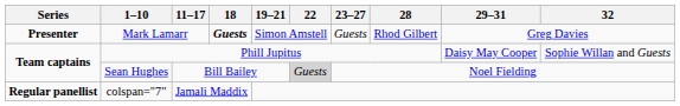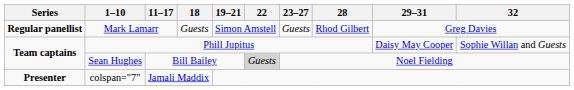 <table class="wikitable" style="text-align: center; width:100%;">
 <tr>
 <th>Series <br> </th>
 <th>1–10 <br> </th>
 <th>11–17 <br> </th>
 <th>18 <br> </th>
 <th>19–21 <br> </th>
 <th>22 <br> </th>
 <th>23–27 <br> </th>
 <th>28 <br> </th>
 <th>29–31 <br> </th>
 <th>32 <br> </th>
 </tr>
 <tr>
-<td><strong>Presenter</strong></td>
+<td><strong>Regular panellist</strong></td>
 <td colspan="2"><a href='#'>Mark Lamarr</a></td>
-<td><strong><em>Guests</em></strong></td>
+<td><em>Guests</em></td>
 <td colspan="2"><a href='#'>Simon Amstell</a></td>
 <td><em>Guests</em></td>
 <td><a href='#'>Rhod Gilbert</a></td>
 <td colspan="2"><a href='#'>Greg Davies</a></td>
 </tr>
 <tr>
 <td rowspan="2"><strong>Team captains</strong></td>
 <td colspan="7"><a href='#'>Phill Jupitus</a></td>
 <td><a href='#'>Daisy May Cooper</a></td>
 <td><a href='#'>Sophie Willan</a> and <em>Guests</em></td>
 </tr>
 <tr>
 <td><a href='#'>Sean Hughes</a></td>
 <td colspan="3"><a href='#'>Bill Bailey</a></td>
 <td style="background: lightgrey;"><em>Guests</em></td>
 <td colspan="4"><a href='#'>Noel Fielding</a></td>
 </tr>
 <tr>
-<td><strong>Regular panellist</strong></td>
+<td><strong>Presenter</strong></td>
 <td>colspan="7" </td>
 <td colspan="2"><a href='#'>Jamali Maddix</a></td>
 </tr>
 </table>
